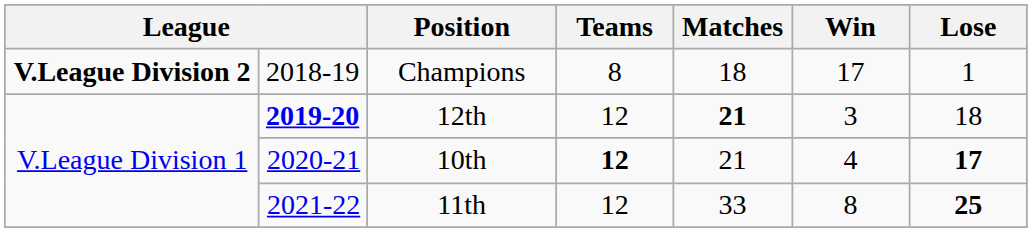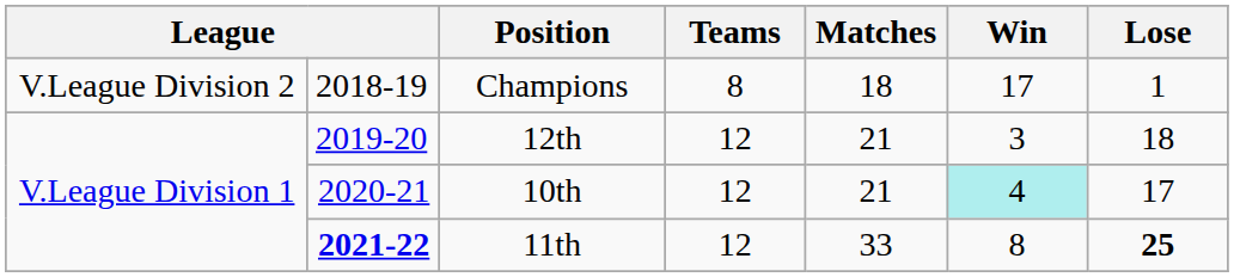 <table class="wikitable" border="1">
 <tr>
 <th width=200 colspan=2>League</th>
 <th width=100>Position</th>
 <th width=60 align=center>Teams</th>
 <th width=60>Matches</th>
 <th width=60>Win</th>
 <th width=60>Lose</th>
 </tr>
 <tr>
-<td align=center><strong>V.League Division 2</strong></td>
+<td align=center>V.League Division 2</td>
 <td>2018-19</td>
 <td align=center>Champions</td>
 <td align=center>8</td>
 <td align=center>18</td>
 <td align=center>17</td>
 <td align=center>1</td>
 </tr>
 <tr>
 <td align=center rowspan=3><a href='#'>V.League Division 1</a></td>
-<td><strong><a href='#'>2019-20</a></strong></td>
+<td><a href='#'>2019-20</a></td>
 <td align=center>12th</td>
 <td align=center>12</td>
-<td align=center><strong>21</strong></td>
+<td align=center>21</td>
 <td align=center>3</td>
 <td align=center>18</td>
 </tr>
 <tr>
 <td align=center><a href='#'>2020-21</a></td>
 <td align=center>10th</td>
-<td align=center><strong>12</strong></td>
+<td align=center>12</td>
 <td align=center>21</td>
-<td align=center>4</td>
-<td align=center><strong>17</strong></td>
+<td align=center style="background: paleturquoise;">4</td>
+<td align=center>17</td>
 </tr>
 <tr>
-<td align=center><a href='#'>2021-22</a></td>
+<td align=center><strong><a href='#'>2021-22</a></strong></td>
 <td align=center>11th</td>
 <td align=center>12</td>
 <td align=center>33</td>
 <td align=center>8</td>
 <td align=center><strong>25</strong></td>
 </tr>
 </table>
